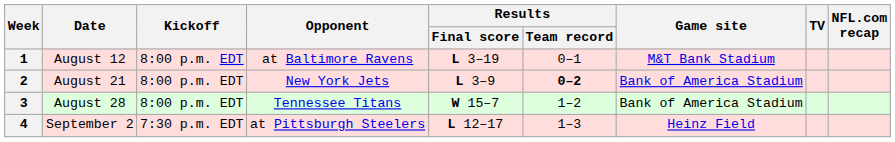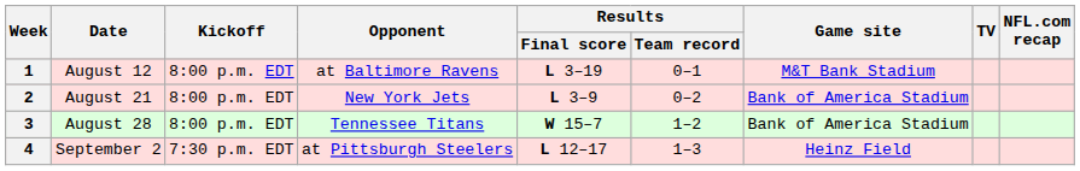 <table class="wikitable" align="center" style="font-size: 92%">
 <tr>
 <th rowspan="2">Week</th>
 <th rowspan="2">Date</th>
 <th rowspan="2">Kickoff</th>
 <th rowspan="2">Opponent</th>
 <th colspan="2">Results</th>
 <th rowspan="2">Game site</th>
 <th rowspan="2">TV</th>
 <th rowspan="2">NFL.com<br>recap</th>
 </tr>
 <tr>
 <th>Final score</th>
 <th>Team record</th>
 </tr>
 <tr style="background:#fdd;">
 <th>1</th>
 <td style="text-align:center;">August 12</td>
 <td style="text-align:center;">8:00 p.m. <a href='#'>EDT</a></td>
 <td style="text-align:center;">at <a href='#'>Baltimore Ravens</a></td>
 <td style="text-align:center;"><strong>L</strong> 3–19</td>
 <td style="text-align:center;">0–1</td>
 <td style="text-align:center;"><a href='#'>M&T Bank Stadium</a></td>
 <td style="text-align:center;"></td>
 <td style="text-align:center;"></td>
 </tr>
 <tr style="background:#fdd;">
 <th>2</th>
 <td style="text-align:center;">August 21</td>
 <td style="text-align:center;">8:00 p.m. EDT</td>
 <td style="text-align:center;"><a href='#'>New York Jets</a></td>
 <td style="text-align:center;"><strong>L</strong> 3–9</td>
-<td style="text-align:center;"><strong>0–2</strong></td>
+<td style="text-align:center;">0–2</td>
 <td style="text-align:center;"><a href='#'>Bank of America Stadium</a></td>
 <td style="text-align:center;"></td>
 <td style="text-align:center;"></td>
 </tr>
 <tr style="background:#dfd;">
 <th>3</th>
 <td style="text-align:center;">August 28</td>
 <td style="text-align:center;">8:00 p.m. EDT</td>
 <td style="text-align:center;"><a href='#'>Tennessee Titans</a></td>
 <td style="text-align:center;"><strong>W</strong> 15–7</td>
 <td style="text-align:center;">1–2</td>
 <td style="text-align:center;">Bank of America Stadium</td>
 <td style="text-align:center;"></td>
 <td style="text-align:center;"></td>
 </tr>
 <tr style="background:#fdd;">
 <th>4</th>
 <td style="text-align:center;">September 2</td>
 <td style="text-align:center;">7:30 p.m. EDT</td>
 <td style="text-align:center;">at <a href='#'>Pittsburgh Steelers</a></td>
 <td style="text-align:center;"><strong>L</strong> 12–17</td>
 <td style="text-align:center;">1–3</td>
 <td style="text-align:center;"><a href='#'>Heinz Field</a></td>
 <td style="text-align:center;"></td>
 <td style="text-align:center;"></td>
 </tr>
 </table>
